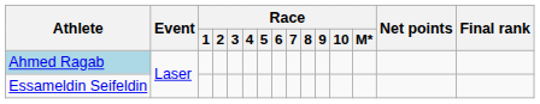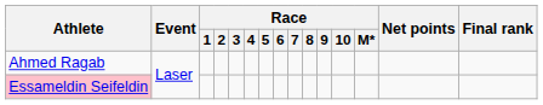 <table class="wikitable" style="font-size:90%">
 <tr>
 <th rowspan="2">Athlete</th>
 <th rowspan="2">Event</th>
 <th colspan=11>Race</th>
 <th rowspan=2>Net points</th>
 <th rowspan=2>Final rank</th>
 </tr>
 <tr style="font-size:95%">
 <th>1</th>
 <th>2</th>
 <th>3</th>
 <th>4</th>
 <th>5</th>
 <th>6</th>
 <th>7</th>
 <th>8</th>
 <th>9</th>
 <th>10</th>
 <th>M*</th>
 </tr>
 <tr align=center>
-<td align=left style="background: lightblue;"><a href='#'>Ahmed Ragab</a></td>
+<td align=left><a href='#'>Ahmed Ragab</a></td>
 <td align=left rowspan=2><a href='#'>Laser</a></td>
 <td></td>
 <td></td>
 <td></td>
 <td></td>
 <td></td>
 <td></td>
 <td></td>
 <td></td>
 <td></td>
 <td></td>
 <td></td>
 <td></td>
 <td></td>
 </tr>
 <tr align=center>
-<td align=left><a href='#'>Essameldin Seifeldin</a></td>
+<td align=left style="background: pink;"><a href='#'>Essameldin Seifeldin</a></td>
 <td></td>
 <td></td>
 <td></td>
 <td></td>
 <td></td>
 <td></td>
 <td></td>
 <td></td>
 <td></td>
 <td></td>
 <td></td>
 <td></td>
 <td></td>
 </tr>
 </table>
